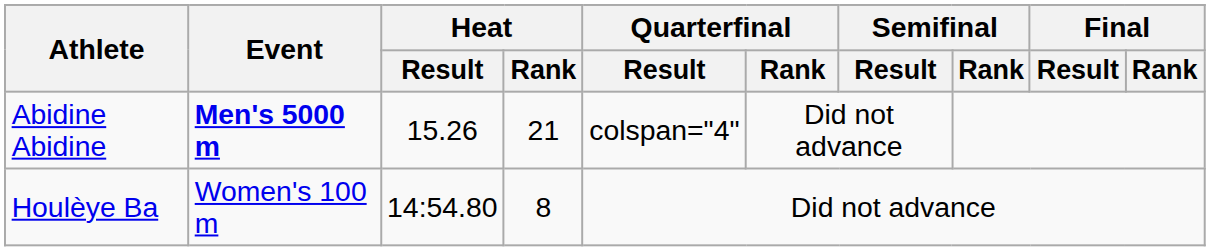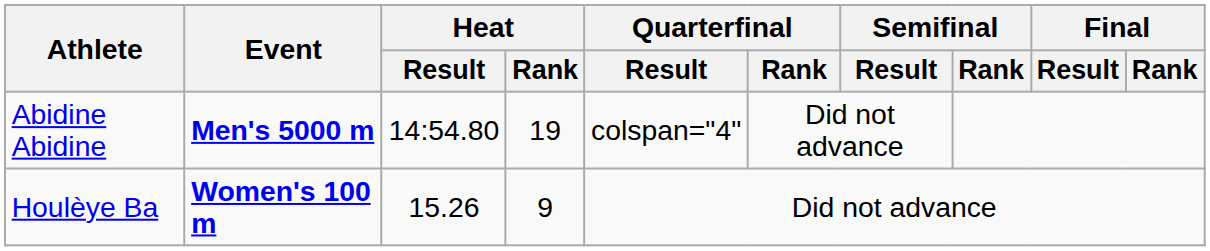 <table class="wikitable" style="font-size:90%">
 <tr>
 <th rowspan="2">Athlete</th>
 <th rowspan="2">Event</th>
 <th colspan="2">Heat</th>
 <th colspan="2">Quarterfinal</th>
 <th colspan="2">Semifinal</th>
 <th colspan="2">Final</th>
 </tr>
 <tr style="font-size:95%">
 <th>Result</th>
 <th>Rank</th>
 <th>Result</th>
 <th>Rank</th>
 <th>Result</th>
 <th>Rank</th>
 <th>Result</th>
 <th>Rank</th>
 </tr>
 <tr style="text-align:center">
 <td style="text-align:left"><a href='#'>Abidine Abidine</a></td>
 <td style="text-align:left"><strong><a href='#'>Men's 5000 m</a></strong></td>
-<td>15.26 <strong></strong></td>
-<td>21</td>
+<td>14:54.80 <strong></strong></td>
+<td>19</td>
 <td>colspan="4" </td>
 <td colspan="2">Did not advance</td>
 </tr>
 <tr style="text-align:center">
 <td style="text-align:left"><a href='#'>Houlèye Ba</a></td>
-<td style="text-align:left"><a href='#'>Women's 100 m</a></td>
-<td>14:54.80 <strong></strong></td>
-<td>8</td>
+<td style="text-align:left"><strong><a href='#'>Women's 100 m</a></strong></td>
+<td>15.26 <strong></strong></td>
+<td>9</td>
 <td colspan="6">Did not advance</td>
 </tr>
 </table>
